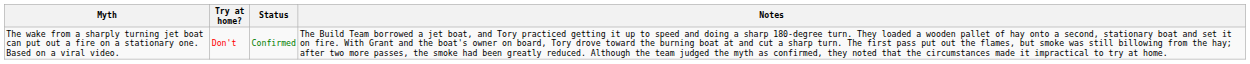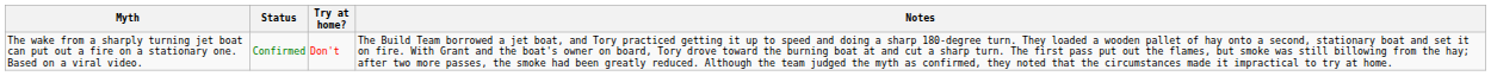 <table class="wikitable plainrowheaders">
 <tr>
 <th scope"col">Myth</th>
+<th scope"col">Status</th>
 <th scope"col">Try at home?</th>
-<th scope"col">Status</th>
 <th scope"col">Notes</th>
 </tr>
 <tr>
 <td scope"row">The wake from a sharply turning jet boat can put out a fire on a stationary one. Based on a viral video.</td>
+<td style="color:green">Confirmed</td>
 <td style="color:red">Don't</td>
-<td style="color:green">Confirmed</td>
 <td>The Build Team borrowed a jet boat, and Tory practiced getting it up to speed and doing a sharp 180-degree turn. They loaded a wooden pallet of hay onto a second, stationary boat and set it on fire. With Grant and the boat's owner on board, Tory drove toward the burning boat at  and cut a sharp turn. The first pass put out the flames, but smoke was still billowing from the hay; after two more passes, the smoke had been greatly reduced. Although the team judged the myth as confirmed, they noted that the circumstances made it impractical to try at home.</td>
 </tr>
 </table>
